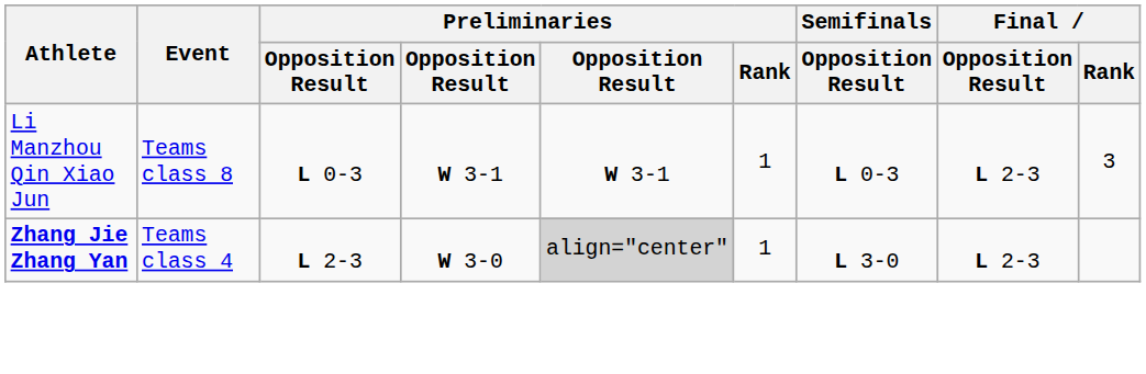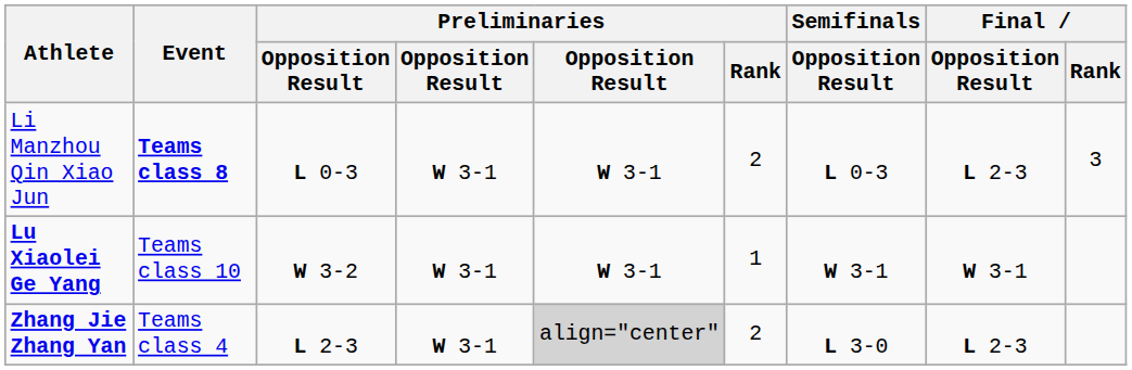 <table class=wikitable style="font-size:90%">
 <tr>
 <th rowspan="2">Athlete</th>
 <th rowspan="2">Event</th>
 <th colspan="4">Preliminaries</th>
 <th>Semifinals</th>
 <th colspan="2">Final / </th>
 </tr>
 <tr>
 <th>Opposition<br>Result</th>
 <th>Opposition<br>Result</th>
 <th>Opposition<br>Result</th>
 <th>Rank</th>
 <th>Opposition<br>Result</th>
 <th>Opposition<br>Result</th>
 <th>Rank</th>
 </tr>
 <tr>
 <td><a href='#'>Li Manzhou</a><br> <a href='#'>Qin Xiao Jun</a></td>
-<td><a href='#'>Teams class 8</a></td>
+<td><strong><a href='#'>Teams class 8</a></strong></td>
 <td align="center"><br><strong>L</strong> 0-3</td>
 <td align="center"><br><strong>W</strong> 3-1</td>
 <td align="center"><br><strong>W</strong> 3-1</td>
-<td align="center">1</td>
+<td align="center">2</td>
 <td align="center"><br><strong>L</strong> 0-3</td>
 <td align="center"><br><strong>L</strong> 2-3</td>
 <td align="center">3</td>
 </tr>
 <tr>
+<td><strong><a href='#'>Lu Xiaolei</a></strong><br> <strong><a href='#'>Ge Yang</a></strong></td>
+<td><a href='#'>Teams class 10</a></td>
+<td align="center"><br><strong>W</strong> 3-2</td>
+<td align="center"><br><strong>W</strong> 3-1</td>
+<td align="center"><br><strong>W</strong> 3-1</td>
+<td align="center">1</td>
+<td align="center"><br><strong>W</strong> 3-1</td>
+<td align="center"><br><strong>W</strong> 3-1</td>
+<td align="center"></td>
+</tr>
+<tr>
 <td><strong><a href='#'>Zhang Jie</a></strong><br> <strong><a href='#'>Zhang Yan</a></strong></td>
 <td><a href='#'>Teams class 4</a></td>
 <td align="center"><br><strong>L</strong> 2-3</td>
-<td align="center"><br><strong>W</strong> 3-0</td>
+<td align="center"><br><strong>W</strong> 3-1</td>
 <td style="background: lightgrey;">align="center" </td>
-<td align="center">1</td>
+<td align="center">2</td>
 <td align="center"><br><strong>L</strong> 3-0</td>
 <td align="center"><br><strong>L</strong> 2-3</td>
 <td align="center"></td>
 </tr>
 </table>
